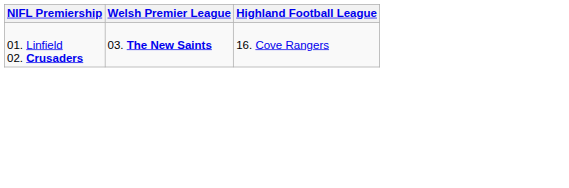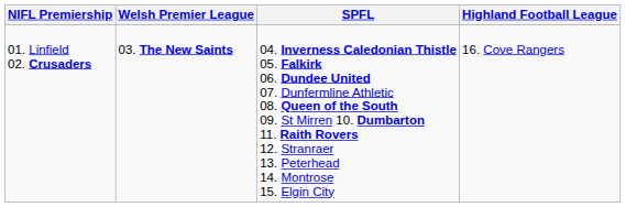 <table class="wikitable">
 <tr>
 <th> <a href='#'>NIFL Premiership</a></th>
 <th> <a href='#'>Welsh Premier League</a></th>
+<th> <a href='#'>SPFL</a></th>
 <th> <a href='#'>Highland Football League</a></th>
 </tr>
 <tr>
 <td valign=top><br>01. <a href='#'>Linfield</a><br> 02. <strong><a href='#'>Crusaders</a></strong></td>
 <td valign=top><br>03. <strong><a href='#'>The New Saints</a></strong></td>
+<td valign=top><br>  04. <strong><a href='#'>Inverness Caledonian Thistle</a></strong><br> 05. <strong><a href='#'>Falkirk</a></strong><br> 06. <strong><a href='#'>Dundee United</a></strong><br> 07. <a href='#'>Dunfermline Athletic</a><br> 08. <strong><a href='#'>Queen of the South</a></strong><br> 09. <a href='#'>St Mirren</a>  10. <strong><a href='#'>Dumbarton</a></strong><br> 11. <strong><a href='#'>Raith Rovers</a></strong><br> 12. <a href='#'>Stranraer</a><br> 13. <a href='#'>Peterhead</a><br> 14. <a href='#'>Montrose</a><br> 15. <a href='#'>Elgin City</a> </td>
 <td valign=top><br>16. <a href='#'>Cove Rangers</a></td>
 </tr>
 </table>
